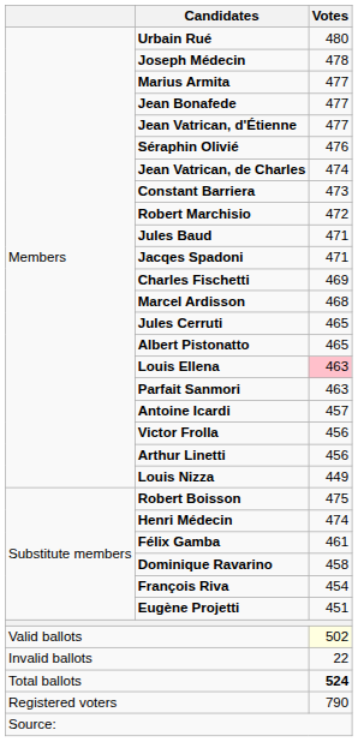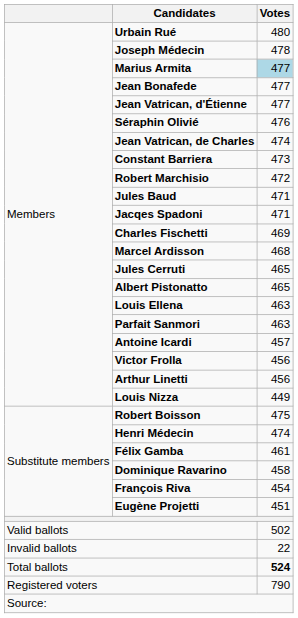 <table class="wikitable" style="text-align:right">
 <tr>
 <th></th>
 <th>Candidates</th>
 <th>Votes</th>
 </tr>
 <tr>
 <td rowspan="21" align="left">Members</td>
 <td align="left"><strong>Urbain Rué</strong></td>
 <td>480</td>
 </tr>
 <tr>
 <td align="left"><strong>Joseph Médecin</strong></td>
 <td>478</td>
 </tr>
 <tr>
 <td align="left"><strong>Marius Armita</strong></td>
-<td>477</td>
+<td style="background: lightblue;">477</td>
 </tr>
 <tr>
 <td align="left"><strong>Jean Bonafede</strong></td>
 <td>477</td>
 </tr>
 <tr>
 <td align="left"><strong>Jean Vatrican, d'Étienne</strong></td>
 <td>477</td>
 </tr>
 <tr>
 <td align="left"><strong>Séraphin Olivié</strong></td>
 <td>476</td>
 </tr>
 <tr>
 <td align="left"><strong>Jean Vatrican, de Charles</strong></td>
 <td>474</td>
 </tr>
 <tr>
 <td align="left"><strong>Constant Barriera</strong></td>
 <td>473</td>
 </tr>
 <tr>
 <td align="left"><strong>Robert Marchisio</strong></td>
 <td>472</td>
 </tr>
 <tr>
 <td align="left"><strong>Jules Baud</strong></td>
 <td>471</td>
 </tr>
 <tr>
 <td align="left"><strong>Jacqes Spadoni</strong></td>
 <td>471</td>
 </tr>
 <tr>
 <td align="left"><strong>Charles Fischetti</strong></td>
 <td>469</td>
 </tr>
 <tr>
 <td align="left"><strong>Marcel Ardisson</strong></td>
 <td>468</td>
 </tr>
 <tr>
 <td align="left"><strong>Jules Cerruti</strong></td>
 <td>465</td>
 </tr>
 <tr>
 <td align="left"><strong>Albert Pistonatto</strong></td>
 <td>465</td>
 </tr>
 <tr>
 <td align="left"><strong>Louis Ellena</strong></td>
-<td style="background: pink;">463</td>
+<td>463</td>
 </tr>
 <tr>
 <td align="left"><strong>Parfait Sanmori</strong></td>
 <td>463</td>
 </tr>
 <tr>
 <td align="left"><strong>Antoine Icardi</strong></td>
 <td>457</td>
 </tr>
 <tr>
 <td align="left"><strong>Victor Frolla</strong></td>
 <td>456</td>
 </tr>
 <tr>
 <td align="left"><strong>Arthur Linetti</strong></td>
 <td>456</td>
 </tr>
 <tr>
 <td align="left"><strong>Louis Nizza</strong></td>
 <td>449</td>
 </tr>
 <tr>
 <td rowspan="6" align="left">Substitute members</td>
 <td align="left"><strong>Robert Boisson</strong></td>
 <td>475</td>
 </tr>
 <tr>
 <td align="left"><strong>Henri Médecin</strong></td>
 <td>474</td>
 </tr>
 <tr>
 <td align="left"><strong>Félix Gamba</strong></td>
 <td>461</td>
 </tr>
 <tr>
 <td align="left"><strong>Dominique Ravarino</strong></td>
 <td>458</td>
 </tr>
 <tr>
 <td align="left"><strong>François Riva</strong></td>
 <td>454</td>
 </tr>
 <tr>
 <td align="left"><strong>Eugène Projetti</strong></td>
 <td>451</td>
 </tr>
 <tr>
 <th colspan=3></th>
 </tr>
 <tr>
 <td colspan="2" align="left">Valid ballots</td>
-<td style="background: lightyellow;">502</td>
+<td>502</td>
 </tr>
 <tr>
 <td colspan="2" align="left">Invalid ballots</td>
 <td>22</td>
 </tr>
 <tr>
 <td colspan="2" align="left">Total ballots</td>
 <td><strong>524</strong></td>
 </tr>
 <tr>
 <td colspan="2" align="left">Registered voters</td>
 <td>790</td>
 </tr>
 <tr>
 <td colspan="3" align="left">Source:</td>
 </tr>
 </table>
